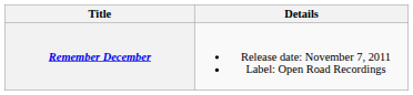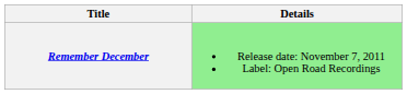 <table class="wikitable plainrowheaders" style="text-align:center;">
 <tr>
 <th style="width:16em;">Title</th>
 <th style="width:18em;">Details</th>
 </tr>
 <tr>
 <th scope="row"><em><a href='#'>Remember December</a></em></th>
-<td><br><ul><li>Release date: November 7, 2011</li><li>Label: Open Road Recordings</li></ul></td>
+<td style="background: lightgreen;"><br><ul><li>Release date: November 7, 2011</li><li>Label: Open Road Recordings</li></ul></td>
 </tr>
 </table>
